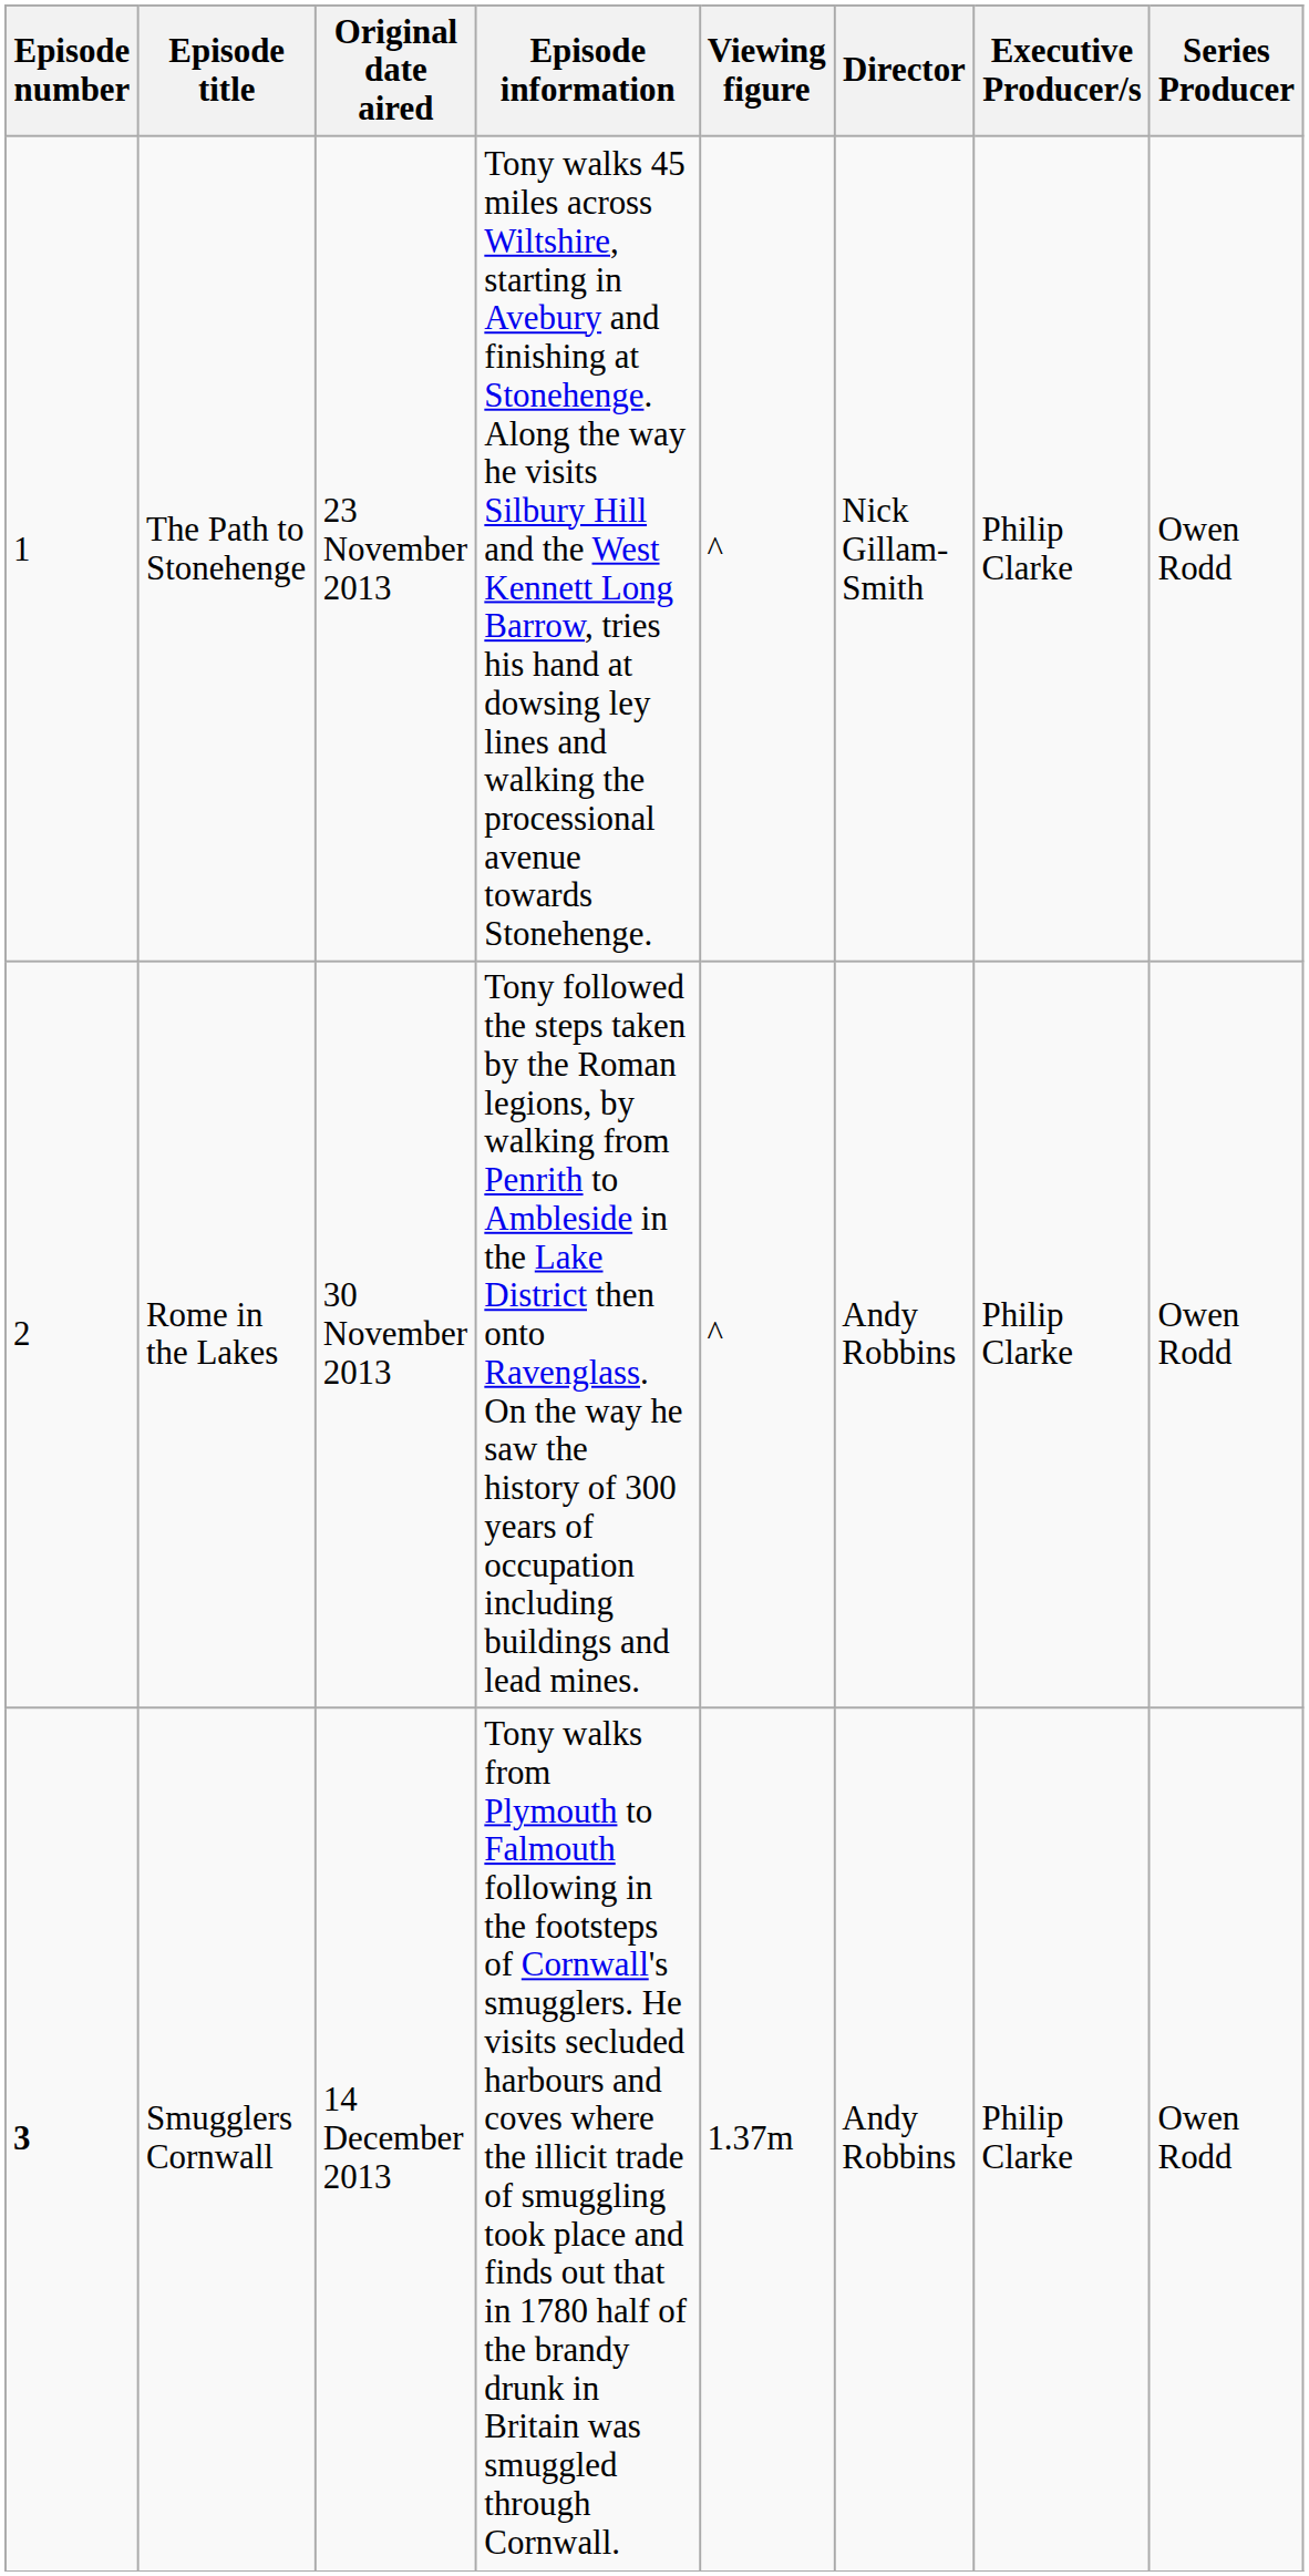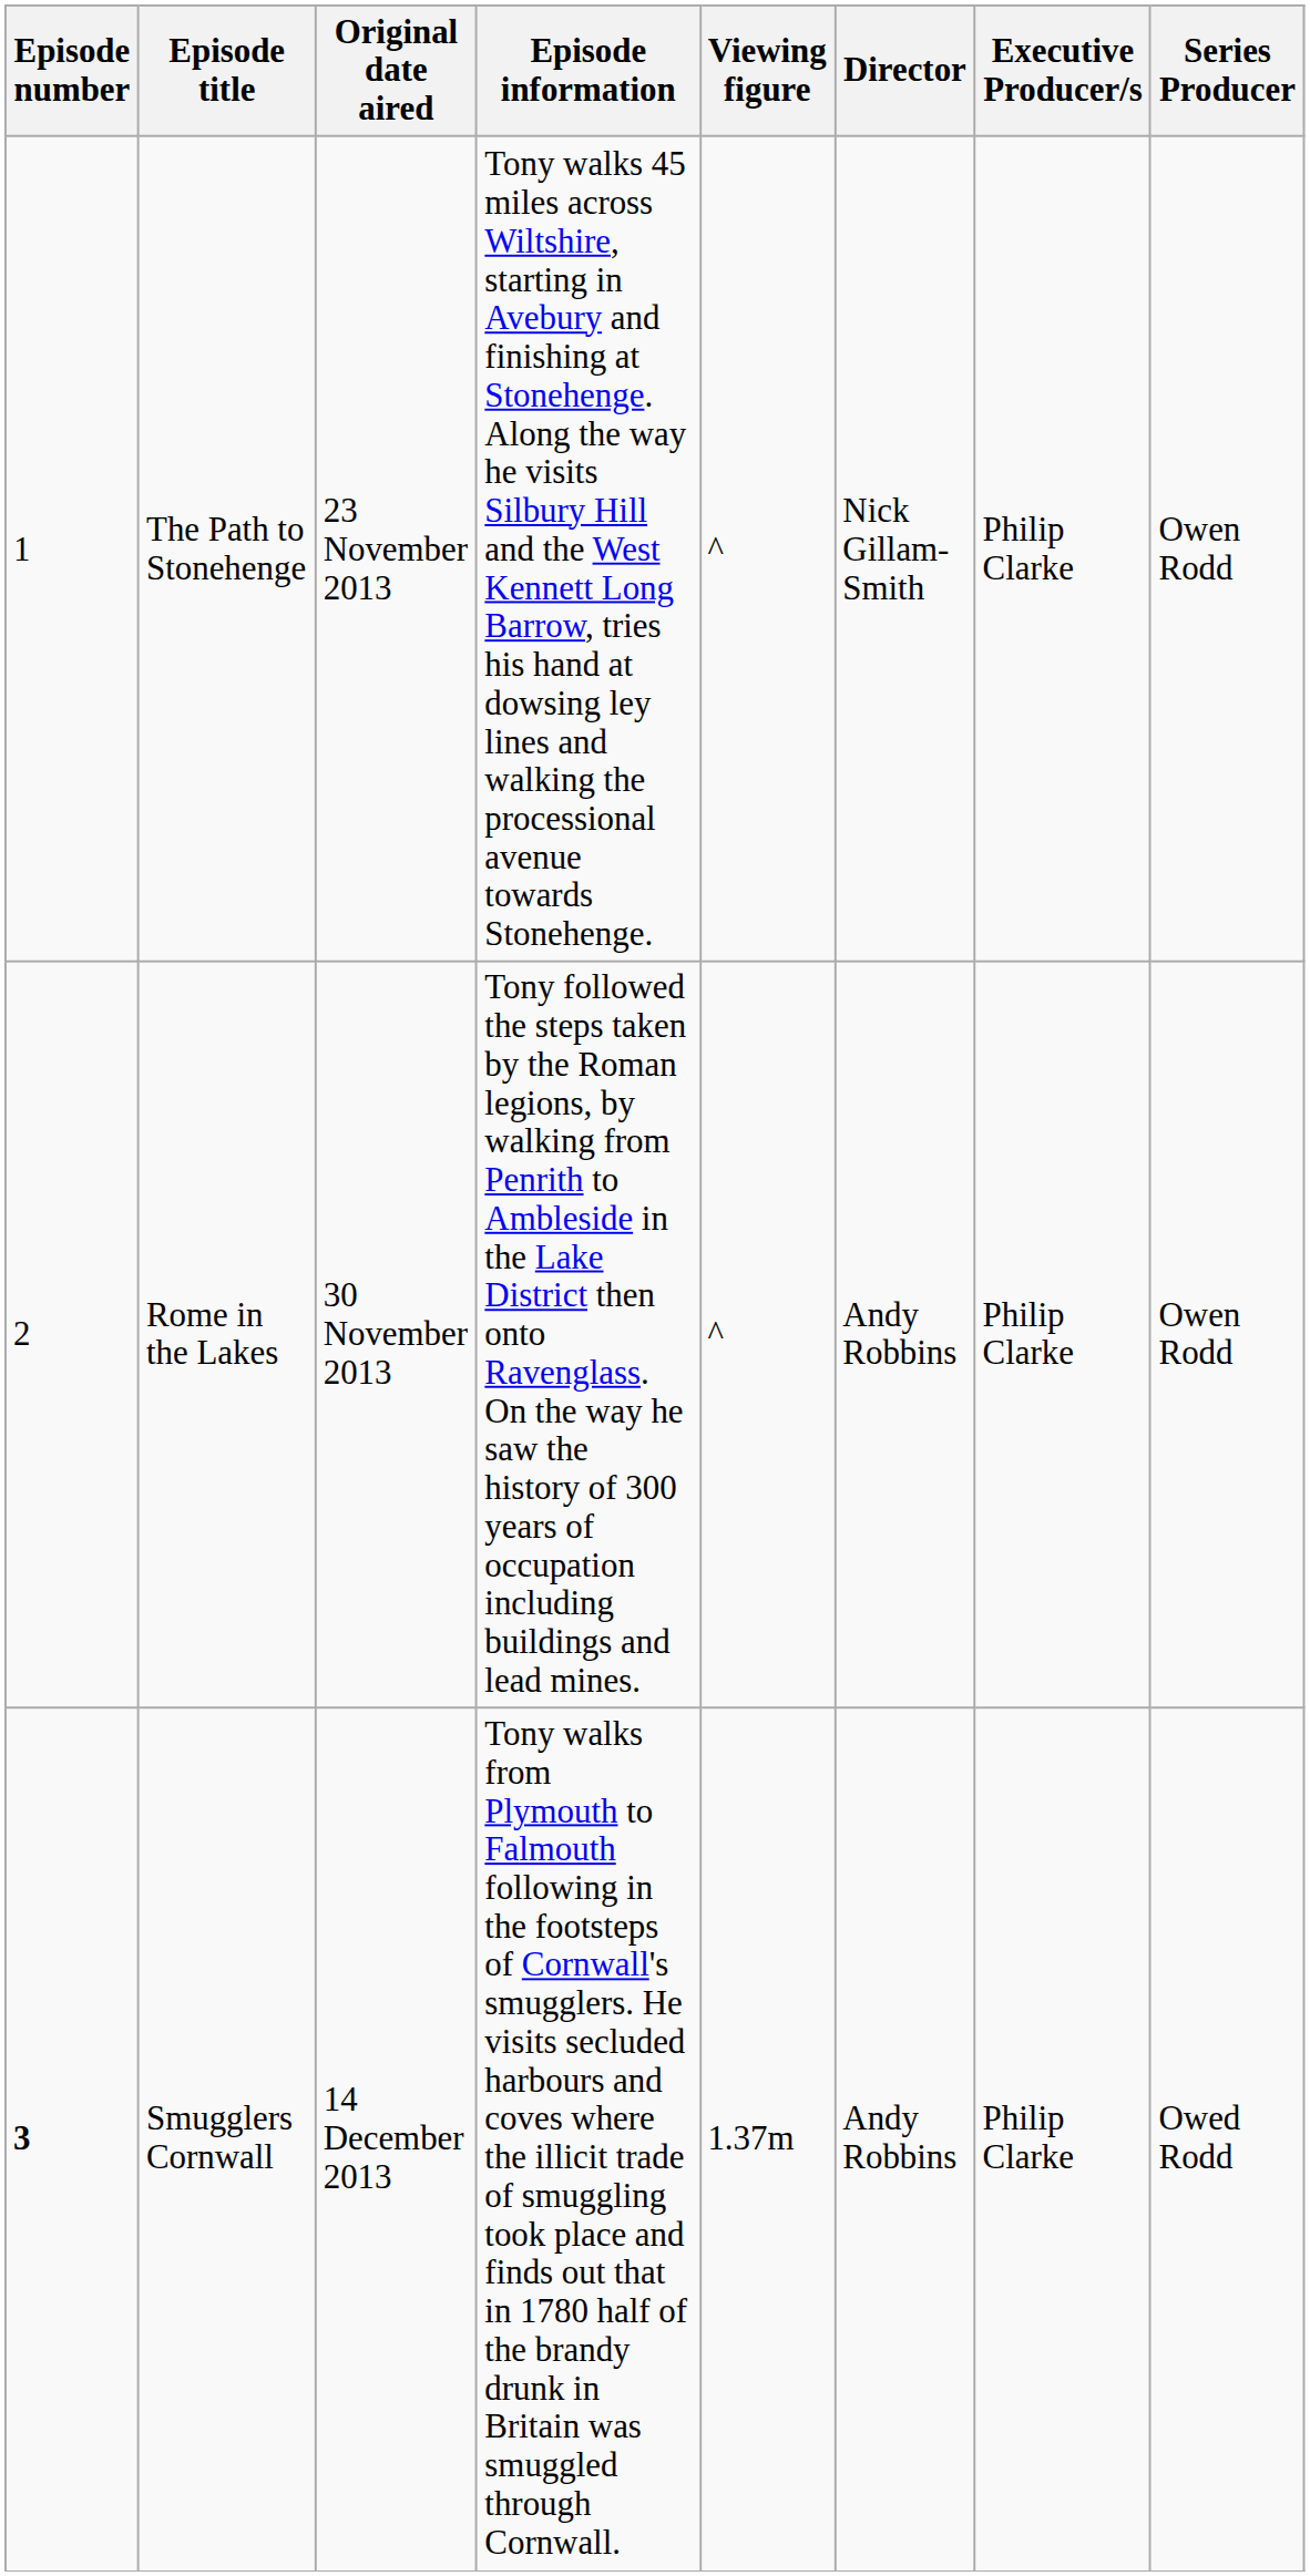 <table class="wikitable sortable">
 <tr>
 <th>Episode number</th>
 <th>Episode title</th>
 <th>Original date aired</th>
 <th>Episode information</th>
 <th>Viewing figure</th>
 <th>Director</th>
 <th>Executive Producer/s</th>
 <th>Series Producer</th>
 </tr>
 <tr>
 <td>1</td>
 <td>The Path to Stonehenge</td>
 <td>23 November 2013</td>
 <td>Tony walks 45 miles across <a href='#'>Wiltshire</a>, starting in <a href='#'>Avebury</a> and finishing at <a href='#'>Stonehenge</a>. Along the way he visits <a href='#'>Silbury Hill</a> and the <a href='#'>West Kennett Long Barrow</a>, tries his hand at dowsing ley lines and walking the processional avenue towards Stonehenge.</td>
 <td>^</td>
 <td>Nick Gillam-Smith</td>
 <td>Philip Clarke</td>
 <td>Owen Rodd</td>
 </tr>
 <tr>
 <td>2</td>
 <td>Rome in the Lakes</td>
 <td>30 November 2013</td>
 <td>Tony followed the steps taken by the Roman legions, by walking from <a href='#'>Penrith</a> to <a href='#'>Ambleside</a> in the <a href='#'>Lake District</a> then onto <a href='#'>Ravenglass</a>. On the way he saw the history of 300 years of occupation including buildings and lead mines.</td>
 <td>^</td>
 <td>Andy Robbins</td>
 <td>Philip Clarke</td>
 <td>Owen Rodd</td>
 </tr>
 <tr>
 <td><strong>3</strong></td>
 <td>Smugglers Cornwall</td>
 <td>14 December 2013</td>
 <td>Tony walks from <a href='#'>Plymouth</a> to <a href='#'>Falmouth</a> following in the footsteps of <a href='#'>Cornwall</a>'s smugglers. He visits secluded harbours and coves where the illicit trade of smuggling took place and finds out that in 1780 half of the brandy drunk in Britain was smuggled through Cornwall.</td>
 <td>1.37m</td>
 <td>Andy Robbins</td>
 <td>Philip Clarke</td>
-<td>Owen Rodd</td>
+<td>Owed Rodd</td>
 </tr>
 <tr>
 </tr>
 </table>
